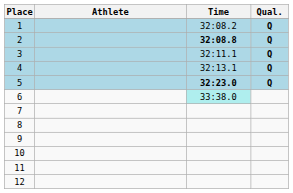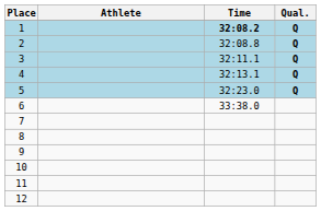 <table class=wikitable style="text-align:center">
 <tr>
 <th width=20>Place</th>
 <th width=220>Athlete</th>
 <th width=90>Time</th>
 <th width=50>Qual.</th>
 </tr>
 <tr>
 </tr>
 <tr bgcolor=lightblue>
 <td>1</td>
 <td align=left></td>
-<td>32:08.2</td>
+<td><strong>32:08.2</strong></td>
 <td><strong>Q</strong></td>
 </tr>
 <tr bgcolor=lightblue>
 <td>2</td>
 <td align=left></td>
-<td><strong>32:08.8</strong></td>
+<td>32:08.8</td>
 <td><strong>Q</strong></td>
 </tr>
 <tr bgcolor=lightblue>
 <td>3</td>
 <td align=left></td>
 <td>32:11.1</td>
 <td><strong>Q</strong></td>
 </tr>
 <tr bgcolor=lightblue>
 <td>4</td>
 <td align=left></td>
 <td>32:13.1</td>
 <td><strong>Q</strong></td>
 </tr>
 <tr bgcolor=lightblue>
 <td>5</td>
 <td align=left></td>
-<td><strong>32:23.0</strong></td>
+<td>32:23.0</td>
 <td><strong>Q</strong></td>
 </tr>
 <tr>
 <td>6</td>
 <td align=left></td>
-<td style="background: paleturquoise;">33:38.0</td>
+<td>33:38.0</td>
 <td></td>
 </tr>
 <tr>
 <td>7</td>
 <td align=left></td>
 <td></td>
 <td></td>
 </tr>
 <tr>
 <td>8</td>
 <td align=left></td>
 <td></td>
 <td></td>
 </tr>
 <tr>
 <td>9</td>
 <td align=left></td>
 <td></td>
 <td></td>
 </tr>
 <tr>
 <td>10</td>
 <td align=left></td>
 <td></td>
 <td></td>
 </tr>
 <tr>
 <td>11</td>
 <td align=left></td>
 <td></td>
 <td></td>
 </tr>
 <tr>
 <td>12</td>
 <td align=left></td>
 <td></td>
 <td></td>
 </tr>
 </table>
